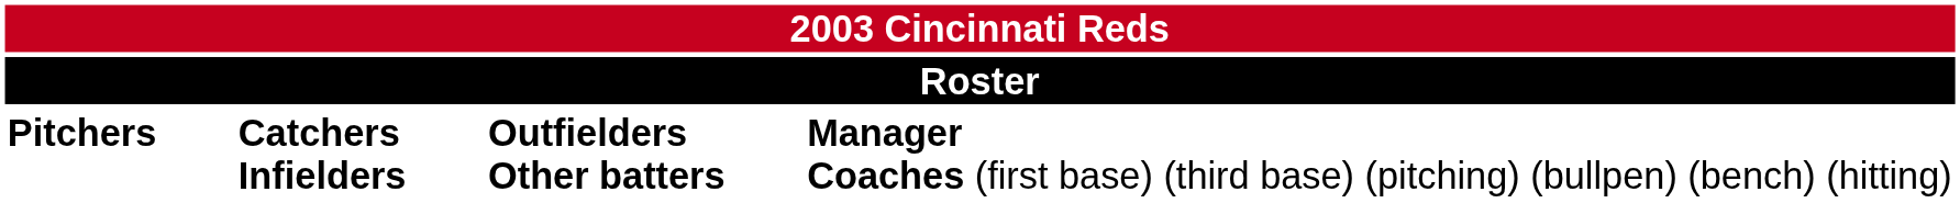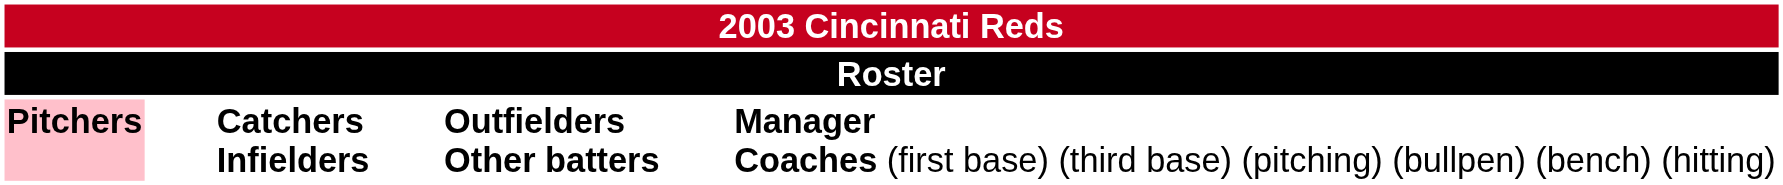 <table class="toccolours" style="font-size: 95%;">
 <tr>
 <th colspan="10" style="background:#c6011f; color:#fff; text-align:center;">2003 Cincinnati Reds</th>
 </tr>
 <tr>
 <td colspan="10" style="background:black; color:#fff; text-align:center;"><strong>Roster</strong></td>
 </tr>
 <tr>
-<td valign="top"><strong>Pitchers</strong><br>                             </td>
+<td valign="top" style="background: pink;"><strong>Pitchers</strong><br>                             </td>
 <td style="width:25px;"></td>
 <td valign="top"><strong>Catchers</strong><br>    <strong>Infielders</strong>           </td>
 <td style="width:25px;"></td>
 <td valign="top"><strong>Outfielders</strong><br>          <strong>Other batters</strong>  </td>
 <td style="width:25px;"></td>
 <td valign="top"><strong>Manager</strong><br>  <strong>Coaches</strong>  (first base)  (third base)  (pitching)  (bullpen)  (bench)  (hitting)</td>
 </tr>
 </table>
